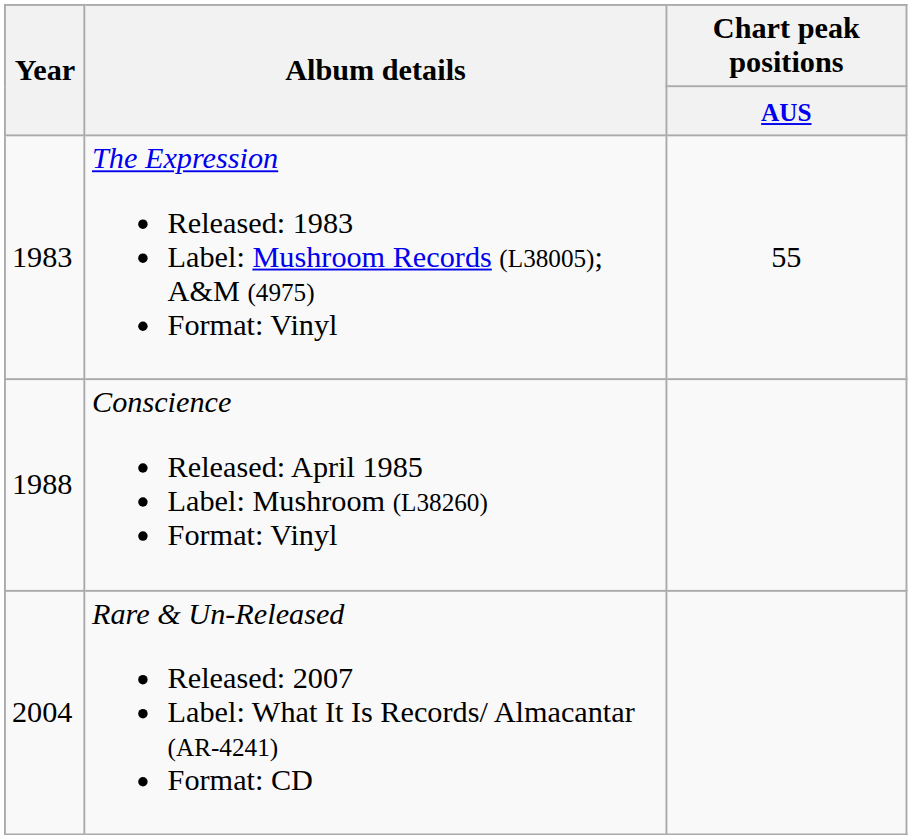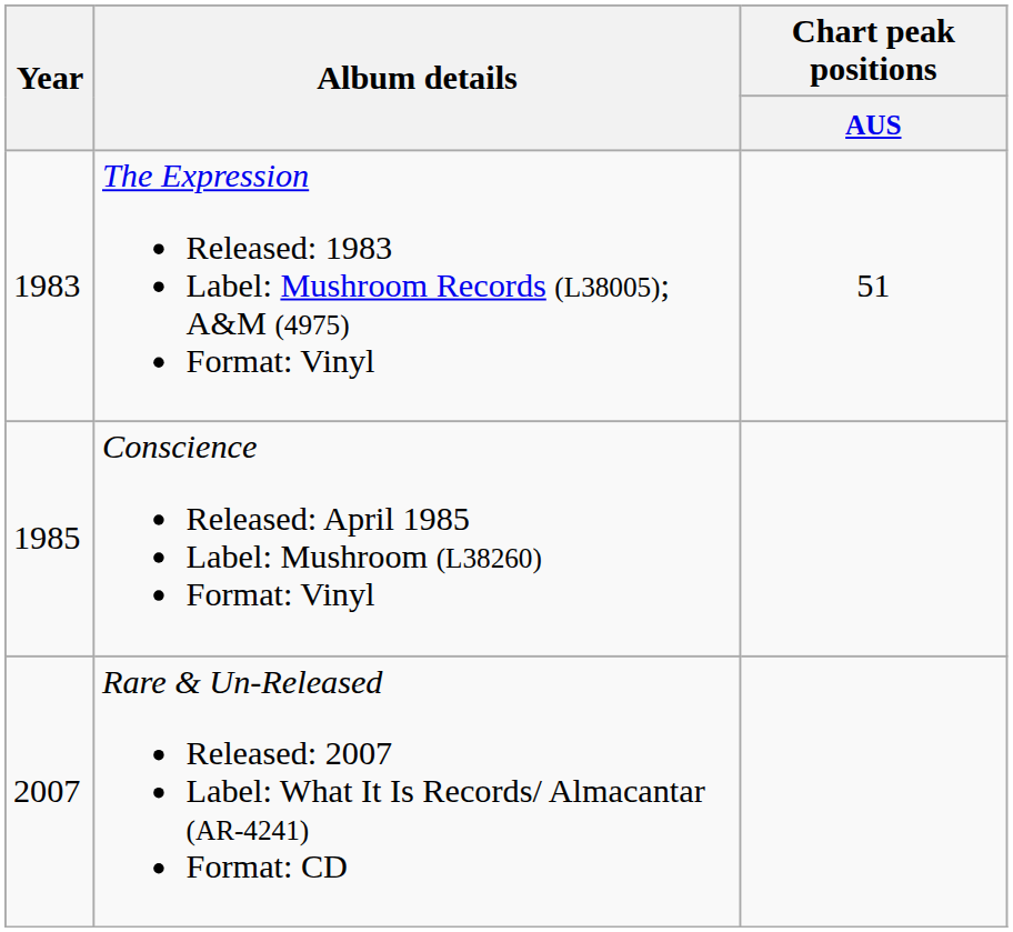 <table class="wikitable" border="1">
 <tr>
 <th rowspan="2" width="35px">Year</th>
 <th width="300px" rowspan="2">Album details</th>
 <th width="120px" colspan="1">Chart peak positions</th>
 </tr>
 <tr>
 <th width="30px"><small><a href='#'>AUS</a><br></small></th>
 </tr>
 <tr>
 <td>1983</td>
 <td><em><a href='#'>The Expression</a></em><br><ul><li>Released: 1983</li><li>Label: <a href='#'>Mushroom Records</a> <small>(L38005)</small>; A&M <small>(4975)</small></li><li>Format: Vinyl</li></ul></td>
-<td style="text-align:center;">55</td>
+<td style="text-align:center;">51</td>
 </tr>
 <tr>
-<td>1988</td>
+<td>1985</td>
 <td><em>Conscience</em><br><ul><li>Released: April 1985</li><li>Label: Mushroom <small>(L38260)</small></li><li>Format: Vinyl</li></ul></td>
 <td style="text-align:center;"></td>
 </tr>
 <tr>
-<td>2004</td>
+<td>2007</td>
 <td><em>Rare & Un-Released</em><br><ul><li>Released: 2007</li><li>Label: What It Is Records/ Almacantar <small>(AR-4241)</small></li><li>Format: CD</li></ul></td>
 <td style="text-align:center;"></td>
 </tr>
 <tr>
 </tr>
 </table>
